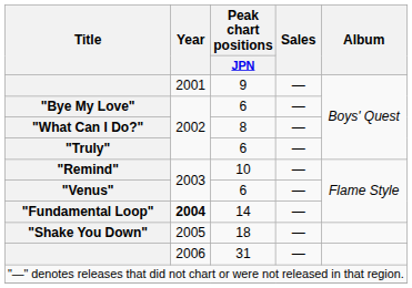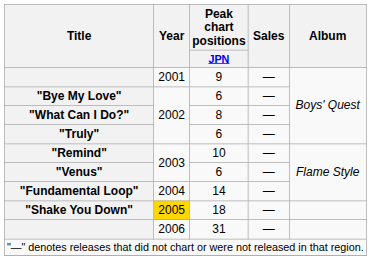 <table class="wikitable plainrowheaders" style="text-align:center;">
 <tr>
 <th scope="col" rowspan="2" style="width:12em;">Title</th>
 <th scope="col" rowspan="2">Year</th>
 <th scope="col" colspan="1">Peak chart positions</th>
 <th scope="col" rowspan="2">Sales</th>
 <th scope="col" rowspan="2">Album</th>
 </tr>
 <tr>
 <th scope="col" style="width:3em;font-size:90%;"><a href='#'>JPN</a><br></th>
 </tr>
 <tr>
 <th scope="row"></th>
 <td>2001</td>
 <td>9</td>
 <td>—</td>
 <td rowspan="4"><em>Boys' Quest</em></td>
 </tr>
 <tr>
 <th scope="row">"Bye My Love"</th>
 <td rowspan="3">2002</td>
 <td>6</td>
 <td>—</td>
 </tr>
 <tr>
 <th scope="row">"What Can I Do?"</th>
 <td>8</td>
 <td>—</td>
 </tr>
 <tr>
 <th scope="row">"Truly"</th>
 <td>6</td>
 <td>—</td>
 </tr>
 <tr>
 <th scope="row">"Remind"</th>
 <td rowspan="2">2003</td>
 <td>10</td>
 <td>—</td>
 <td rowspan="3"><em>Flame Style</em></td>
 </tr>
 <tr>
 <th scope="row">"Venus"</th>
 <td>6</td>
 <td>—</td>
 </tr>
 <tr>
 <th scope="row">"Fundamental Loop"</th>
-<td><strong>2004</strong></td>
+<td>2004</td>
 <td>14</td>
 <td>—</td>
 </tr>
 <tr>
 <th scope="row">"Shake You Down"</th>
-<td>2005</td>
+<td style="background: gold;">2005</td>
 <td>18</td>
 <td>—</td>
 <td></td>
 </tr>
 <tr>
 <th scope="row"></th>
 <td>2006</td>
 <td>31</td>
 <td>—</td>
 <td></td>
 </tr>
 <tr>
 <td colspan="5" style="font-size:90%;">"—" denotes releases that did not chart or were not released in that region.</td>
 </tr>
 <tr>
 </tr>
 </table>
